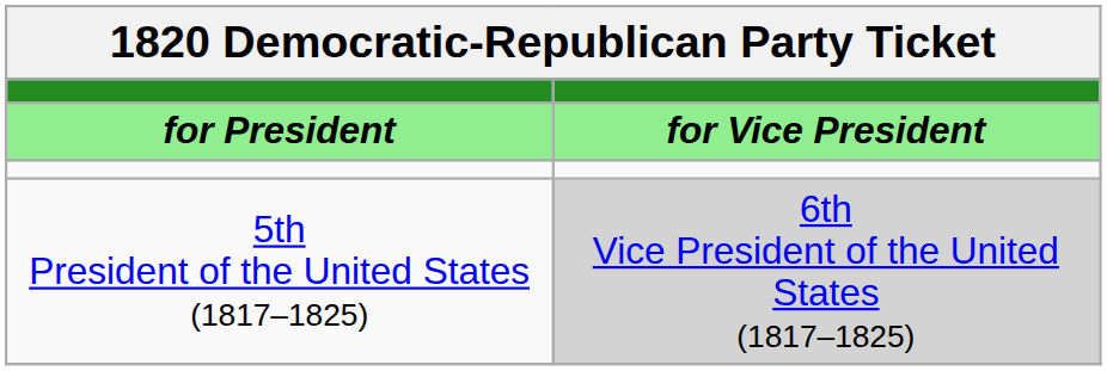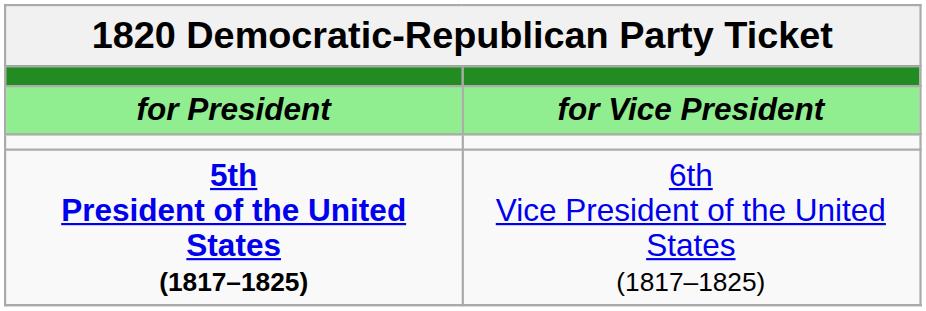 <table class="wikitable" style="font-size:90%; text-align:center;">
 <tr>
 <td style="background:#f1f1f1;" colspan="30"><big><strong>1820 Democratic-Republican Party Ticket</strong></big></td>
 </tr>
 <tr>
 <th style="width:3em; font-size:135%; background:#228B22; width:200px;"><a href='#'></a></th>
 <th style="width:3em; font-size:135%; background:#228B22; width:200px;"><a href='#'></a></th>
 </tr>
 <tr>
 <td style="width:3em; font-size:100%; color:#000; background:#90EE90; width:200px;"><strong><em>for President</em></strong></td>
 <td style="width:3em; font-size:100%; color:#000; background:#90EE90; width:200px;"><strong><em>for Vice President</em></strong></td>
 </tr>
 <tr>
 <td></td>
 <td></td>
 </tr>
 <tr>
-<td><a href='#'>5th</a><br><a href='#'>President of the United States</a><br><small>(1817–1825)</small></td>
-<td style="background: lightgrey;"><a href='#'>6th</a><br><a href='#'>Vice President of the United States</a><br><small>(1817–1825)</small></td>
+<td><strong><a href='#'>5th</a><br><a href='#'>President of the United States</a><br><small>(1817–1825)</small></strong></td>
+<td><a href='#'>6th</a><br><a href='#'>Vice President of the United States</a><br><small>(1817–1825)</small></td>
 </tr>
 <tr>
 </tr>
 </table>
